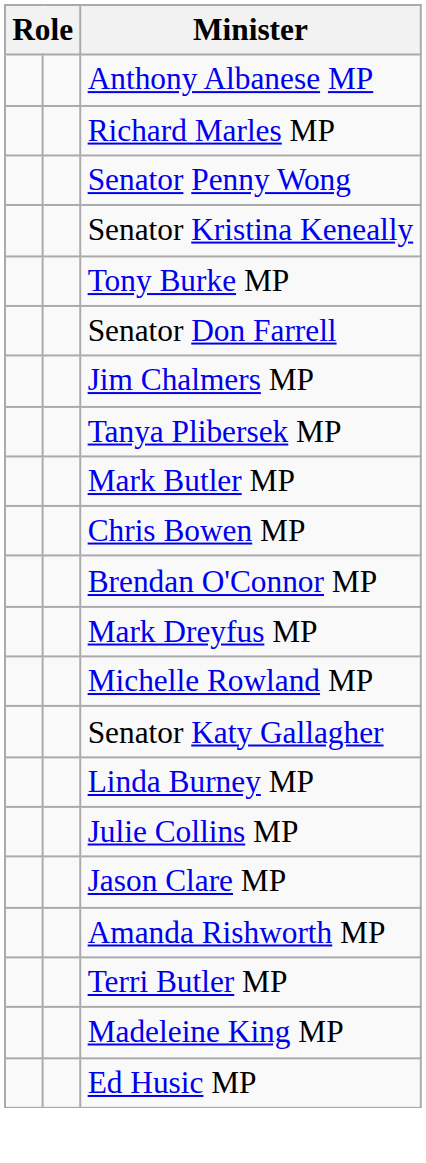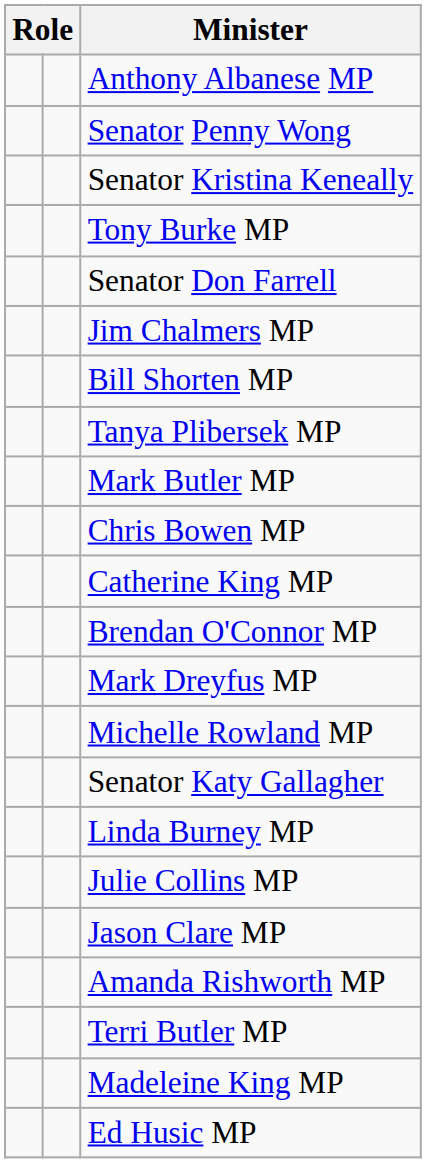 <table class="wikitable" style="text-align:left; font-size:99%">
 <tr>
 <th colspan=2>Role</th>
 <th>Minister</th>
 </tr>
 <tr>
 <td style="background-color: "></td>
 <td></td>
 <td><a href='#'>Anthony Albanese</a> <a href='#'>MP</a></td>
-</tr>
-<tr>
-<td style="background-color: "></td>
-<td></td>
-<td><a href='#'>Richard Marles</a> MP</td>
 </tr>
 <tr>
 <td style="background-color: "></td>
 <td></td>
 <td><a href='#'>Senator</a> <a href='#'>Penny Wong</a></td>
 </tr>
 <tr>
 <td style="background-color: "></td>
 <td></td>
 <td>Senator <a href='#'>Kristina Keneally</a></td>
 </tr>
 <tr>
 <td style="background-color: "></td>
 <td></td>
 <td><a href='#'>Tony Burke</a> MP</td>
 </tr>
 <tr>
 <td style="background-color: "></td>
 <td></td>
 <td>Senator <a href='#'>Don Farrell</a></td>
 </tr>
 <tr>
 <td style="background-color: "></td>
 <td></td>
 <td><a href='#'>Jim Chalmers</a> MP</td>
 </tr>
 <tr>
 <td style="background-color: "></td>
 <td></td>
+<td><a href='#'>Bill Shorten</a> MP</td>
+</tr>
+<tr>
+<td style="background-color: "></td>
+<td></td>
 <td><a href='#'>Tanya Plibersek</a> MP</td>
 </tr>
 <tr>
 <td style="background-color: "></td>
 <td></td>
 <td><a href='#'>Mark Butler</a> MP</td>
 </tr>
 <tr>
 <td style="background-color: "></td>
 <td></td>
 <td><a href='#'>Chris Bowen</a> MP</td>
+</tr>
+<tr>
+<td style="background-color: "></td>
+<td></td>
+<td><a href='#'>Catherine King</a> MP</td>
 </tr>
 <tr>
 <td style="background-color: "></td>
 <td></td>
 <td><a href='#'>Brendan O'Connor</a> MP</td>
 </tr>
 <tr>
 <td style="background-color: "></td>
 <td></td>
 <td><a href='#'>Mark Dreyfus</a> MP</td>
 </tr>
 <tr>
 <td style="background-color: "></td>
 <td></td>
 <td><a href='#'>Michelle Rowland</a> MP</td>
 </tr>
 <tr>
 <td style="background-color: "></td>
 <td></td>
 <td>Senator <a href='#'>Katy Gallagher</a></td>
 </tr>
 <tr>
 <td style="background-color: "></td>
 <td></td>
 <td><a href='#'>Linda Burney</a> MP</td>
 </tr>
 <tr>
 <td style="background-color: "></td>
 <td></td>
 <td><a href='#'>Julie Collins</a> MP</td>
 </tr>
 <tr>
 <td style="background-color: "></td>
 <td></td>
 <td><a href='#'>Jason Clare</a> MP</td>
 </tr>
 <tr>
 <td style="background-color: "></td>
 <td></td>
 <td><a href='#'>Amanda Rishworth</a> MP</td>
 </tr>
 <tr>
 <td style="background-color: "></td>
 <td></td>
 <td><a href='#'>Terri Butler</a> MP</td>
 </tr>
 <tr>
 <td style="background-color: "></td>
 <td></td>
 <td><a href='#'>Madeleine King</a> MP</td>
 </tr>
 <tr>
 <td style="background-color: "></td>
 <td></td>
 <td><a href='#'>Ed Husic</a> MP</td>
 </tr>
 </table>
